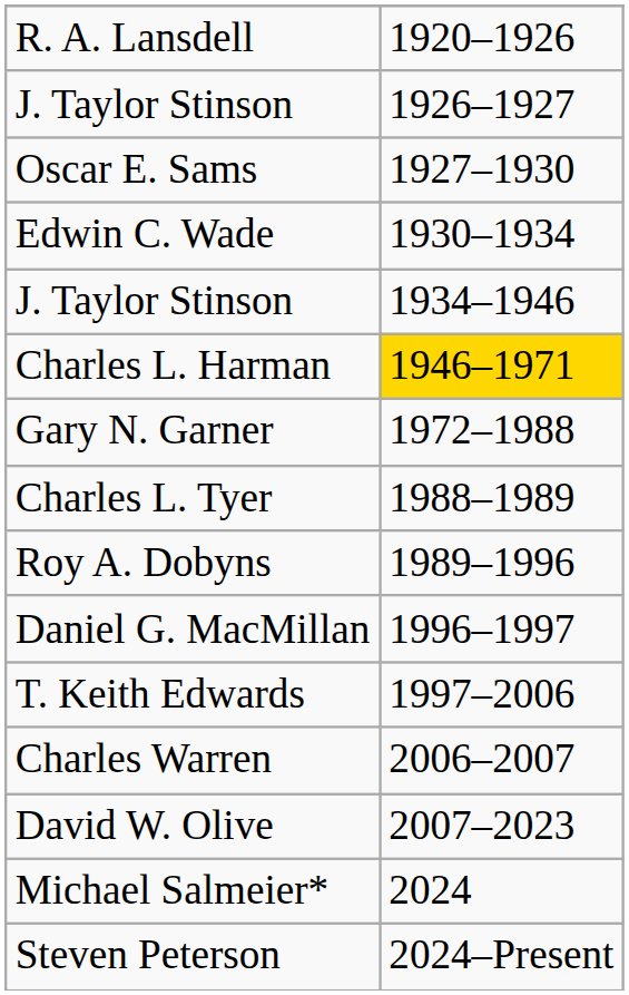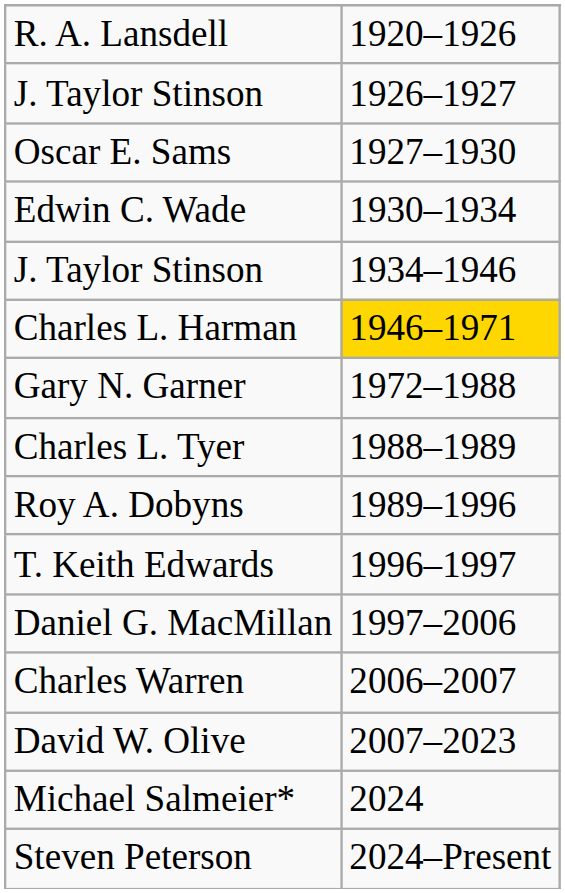 <table class="wikitable">
 <tr>
 </tr>
 <tr>
 <td>R. A. Lansdell</td>
 <td>1920–1926</td>
 </tr>
 <tr>
 <td>J. Taylor Stinson</td>
 <td>1926–1927</td>
 </tr>
 <tr>
 <td>Oscar E. Sams</td>
 <td>1927–1930</td>
 </tr>
 <tr>
 <td>Edwin C. Wade</td>
 <td>1930–1934</td>
 </tr>
 <tr>
 <td>J. Taylor Stinson</td>
 <td>1934–1946</td>
 </tr>
 <tr>
 <td>Charles L. Harman</td>
 <td style="background: gold;">1946–1971</td>
 </tr>
 <tr>
 <td>Gary N. Garner</td>
 <td>1972–1988</td>
 </tr>
 <tr>
 <td>Charles L. Tyer</td>
 <td>1988–1989</td>
 </tr>
 <tr>
 <td>Roy A. Dobyns</td>
 <td>1989–1996</td>
 </tr>
 <tr>
-<td>Daniel G. MacMillan</td>
+<td>T. Keith Edwards</td>
 <td>1996–1997</td>
 </tr>
 <tr>
-<td>T. Keith Edwards</td>
+<td>Daniel G. MacMillan</td>
 <td>1997–2006</td>
 </tr>
 <tr>
 <td>Charles Warren</td>
 <td>2006–2007</td>
 </tr>
 <tr>
 <td>David W. Olive</td>
 <td>2007–2023</td>
 </tr>
 <tr>
 <td>Michael Salmeier*</td>
 <td>2024</td>
 </tr>
 <tr>
 <td>Steven Peterson</td>
 <td>2024–Present</td>
 </tr>
 </table>
